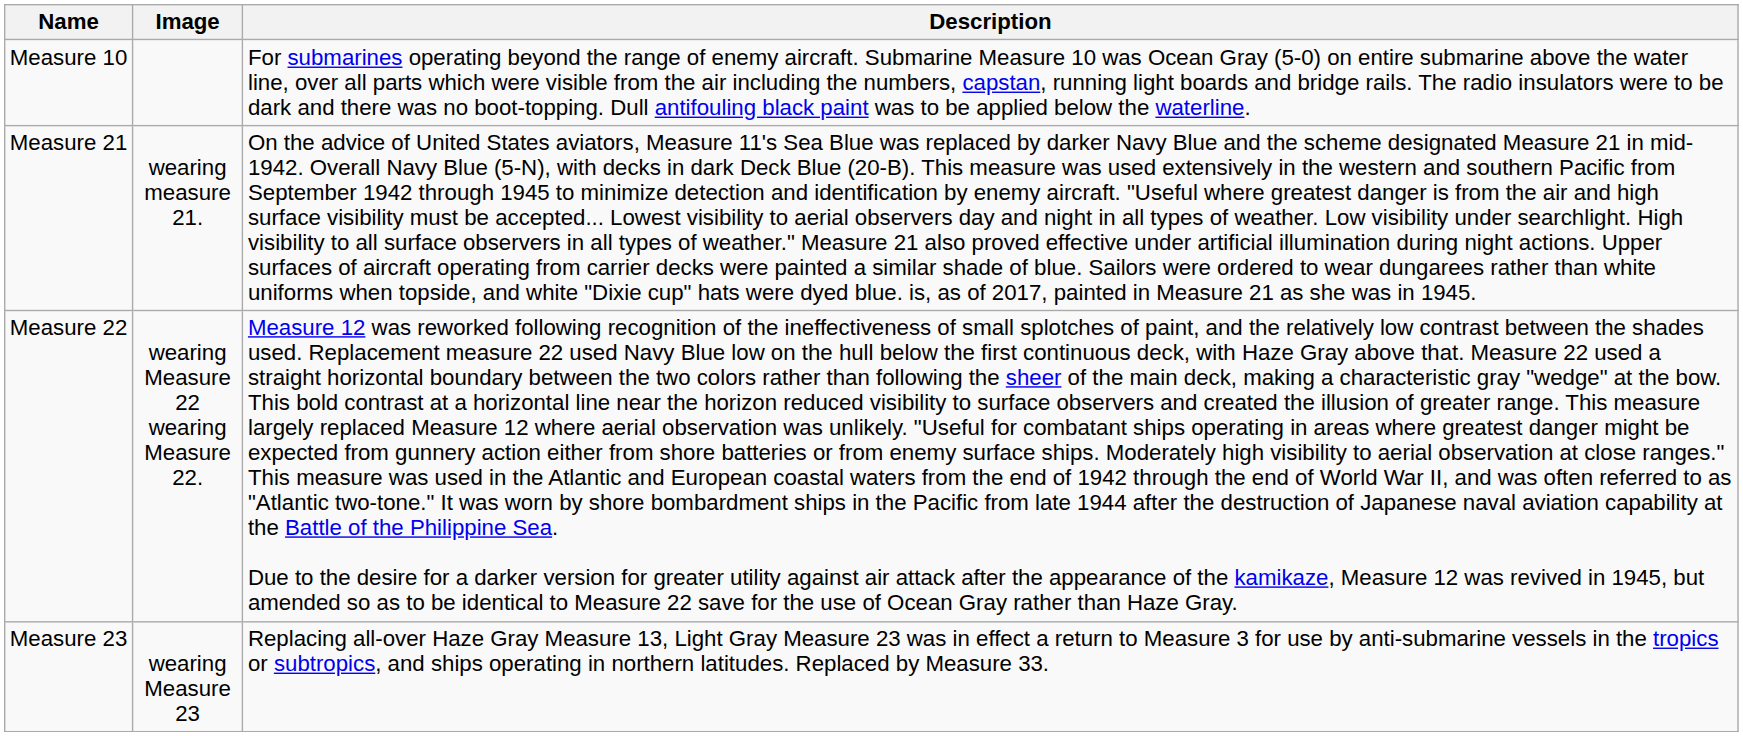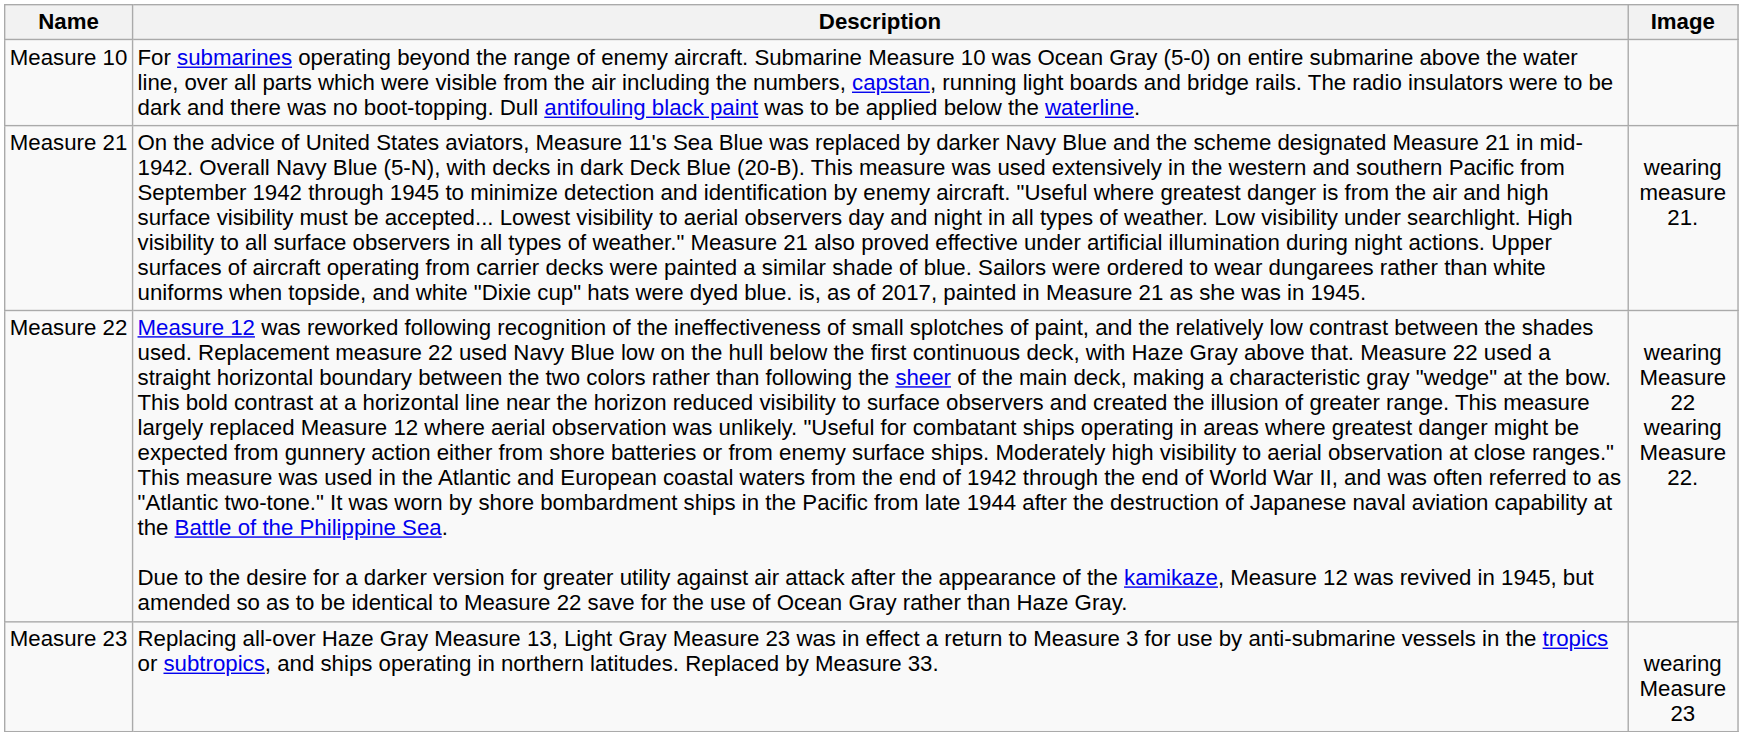 <table class="wikitable">
 <tr>
 <th>Name</th>
+<th>Description</th>
 <th>Image</th>
-<th>Description</th>
 </tr>
 <tr id="Measure 10" style="vertical-align:top;">
 <td>Measure 10</td>
+<td>For <a href='#'>submarines</a> operating beyond the range of enemy aircraft. Submarine Measure 10 was Ocean Gray (5-0) on entire submarine above the water line, over all parts which were visible from the air including the numbers, <a href='#'>capstan</a>, running light boards and bridge rails. The radio insulators were to be dark and there was no boot-topping. Dull <a href='#'>antifouling black paint</a> was to be applied below the <a href='#'>waterline</a>.</td>
 <td></td>
-<td>For <a href='#'>submarines</a> operating beyond the range of enemy aircraft. Submarine Measure 10 was Ocean Gray (5-0) on entire submarine above the water line, over all parts which were visible from the air including the numbers, <a href='#'>capstan</a>, running light boards and bridge rails. The radio insulators were to be dark and there was no boot-topping. Dull <a href='#'>antifouling black paint</a> was to be applied below the <a href='#'>waterline</a>.</td>
 </tr>
 <tr id="Measure 21" style="vertical-align:top;">
 <td>Measure 21</td>
+<td>On the advice of United States aviators, Measure 11's Sea Blue was replaced by darker Navy Blue and the scheme designated Measure 21 in mid-1942. Overall Navy Blue (5-N), with decks in dark Deck Blue (20-B). This measure was used extensively in the western and southern Pacific from September 1942 through 1945 to minimize detection and identification by enemy aircraft. "Useful where greatest danger is from the air and high surface visibility must be accepted... Lowest visibility to aerial observers day and night in all types of weather. Low visibility under searchlight. High visibility to all surface observers in all types of weather." Measure 21 also proved effective under artificial illumination during night actions. Upper surfaces of aircraft operating from carrier decks were painted a similar shade of blue. Sailors were ordered to wear dungarees rather than white uniforms when topside, and white "Dixie cup" hats were dyed blue.  is, as of 2017, painted in Measure 21 as she was in 1945.</td>
 <td align=center><br> wearing measure 21.</td>
-<td>On the advice of United States aviators, Measure 11's Sea Blue was replaced by darker Navy Blue and the scheme designated Measure 21 in mid-1942. Overall Navy Blue (5-N), with decks in dark Deck Blue (20-B). This measure was used extensively in the western and southern Pacific from September 1942 through 1945 to minimize detection and identification by enemy aircraft. "Useful where greatest danger is from the air and high surface visibility must be accepted... Lowest visibility to aerial observers day and night in all types of weather. Low visibility under searchlight. High visibility to all surface observers in all types of weather." Measure 21 also proved effective under artificial illumination during night actions. Upper surfaces of aircraft operating from carrier decks were painted a similar shade of blue. Sailors were ordered to wear dungarees rather than white uniforms when topside, and white "Dixie cup" hats were dyed blue.  is, as of 2017, painted in Measure 21 as she was in 1945.</td>
 </tr>
 <tr id="Measure 22" style="vertical-align:top;">
 <td>Measure 22</td>
+<td><a href='#'>Measure 12</a> was reworked following recognition of the ineffectiveness of small splotches of paint, and the relatively low contrast between the shades used. Replacement measure 22 used Navy Blue low on the hull below the first continuous deck, with Haze Gray above that. Measure 22 used a straight horizontal boundary between the two colors rather than following the <a href='#'>sheer</a> of the main deck, making a characteristic gray "wedge" at the bow. This bold contrast at a horizontal line near the horizon reduced visibility to surface observers and created the illusion of greater range. This measure largely replaced Measure 12 where aerial observation was unlikely. "Useful for combatant ships operating in areas where greatest danger might be expected from gunnery action either from shore batteries or from enemy surface ships. Moderately high visibility to aerial observation at close ranges." This measure was used in the Atlantic and European coastal waters from the end of 1942 through the end of World War II, and was often referred to as "Atlantic two-tone." It was worn by shore bombardment ships in the Pacific from late 1944 after the destruction of Japanese naval aviation capability at the <a href='#'>Battle of the Philippine Sea</a>.<br><br> Due to the desire for a darker version for greater utility against air attack after the appearance of the <a href='#'>kamikaze</a>, Measure 12 was revived in 1945, but amended so as to be identical to Measure 22 save for the use of Ocean Gray rather than Haze Gray.</td>
 <td align=center><br> wearing Measure 22 <br>  wearing Measure 22.</td>
-<td><a href='#'>Measure 12</a> was reworked following recognition of the ineffectiveness of small splotches of paint, and the relatively low contrast between the shades used. Replacement measure 22 used Navy Blue low on the hull below the first continuous deck, with Haze Gray above that. Measure 22 used a straight horizontal boundary between the two colors rather than following the <a href='#'>sheer</a> of the main deck, making a characteristic gray "wedge" at the bow. This bold contrast at a horizontal line near the horizon reduced visibility to surface observers and created the illusion of greater range. This measure largely replaced Measure 12 where aerial observation was unlikely. "Useful for combatant ships operating in areas where greatest danger might be expected from gunnery action either from shore batteries or from enemy surface ships. Moderately high visibility to aerial observation at close ranges." This measure was used in the Atlantic and European coastal waters from the end of 1942 through the end of World War II, and was often referred to as "Atlantic two-tone." It was worn by shore bombardment ships in the Pacific from late 1944 after the destruction of Japanese naval aviation capability at the <a href='#'>Battle of the Philippine Sea</a>.<br><br> Due to the desire for a darker version for greater utility against air attack after the appearance of the <a href='#'>kamikaze</a>, Measure 12 was revived in 1945, but amended so as to be identical to Measure 22 save for the use of Ocean Gray rather than Haze Gray.</td>
 </tr>
 <tr id="Measure 23" style="vertical-align:top;">
 <td>Measure 23</td>
+<td>Replacing all-over Haze Gray Measure 13, Light Gray Measure 23 was in effect a return to Measure 3 for use by anti-submarine vessels in the <a href='#'>tropics</a> or <a href='#'>subtropics</a>, and ships operating in northern latitudes. Replaced by Measure 33.</td>
 <td align=center><br> wearing Measure 23</td>
-<td>Replacing all-over Haze Gray Measure 13, Light Gray Measure 23 was in effect a return to Measure 3 for use by anti-submarine vessels in the <a href='#'>tropics</a> or <a href='#'>subtropics</a>, and ships operating in northern latitudes. Replaced by Measure 33.</td>
 </tr>
 </table>
